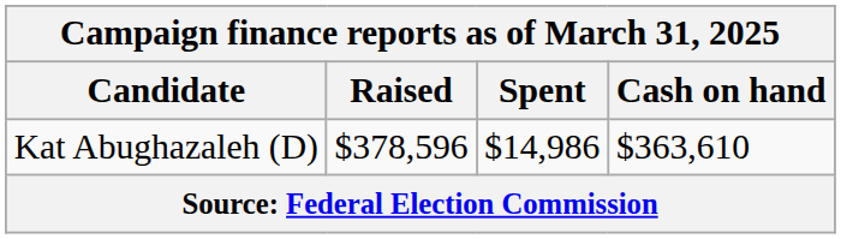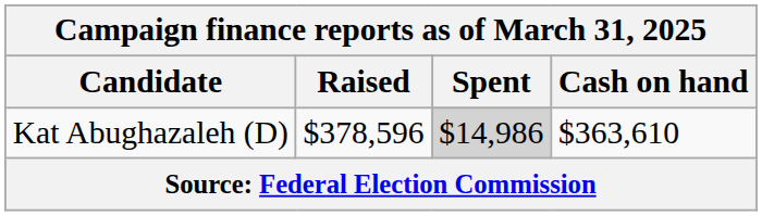 <table class="wikitable sortable">
 <tr>
 <th colspan=4>Campaign finance reports as of March 31, 2025</th>
 </tr>
 <tr style="text-align:center;">
 <th>Candidate</th>
 <th>Raised</th>
 <th>Spent</th>
 <th>Cash on hand</th>
 </tr>
 <tr>
 <td>Kat Abughazaleh (D)</td>
 <td>$378,596</td>
-<td>$14,986</td>
+<td style="background: lightgrey;">$14,986</td>
 <td>$363,610</td>
 </tr>
 <tr>
 <th colspan="4"><small>Source: <a href='#'>Federal Election Commission</a></small></th>
 </tr>
 </table>
